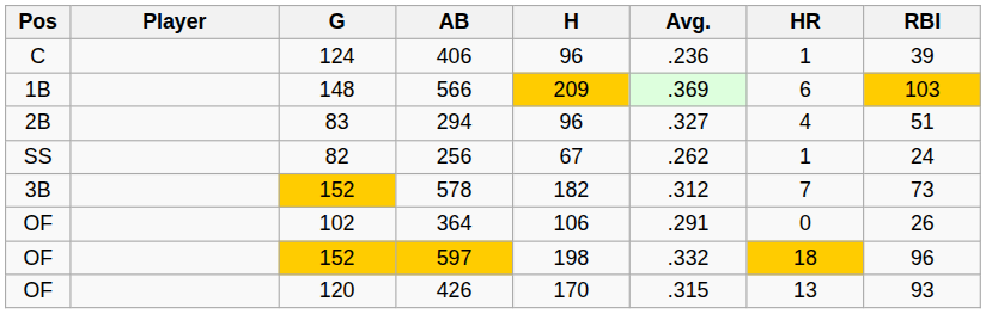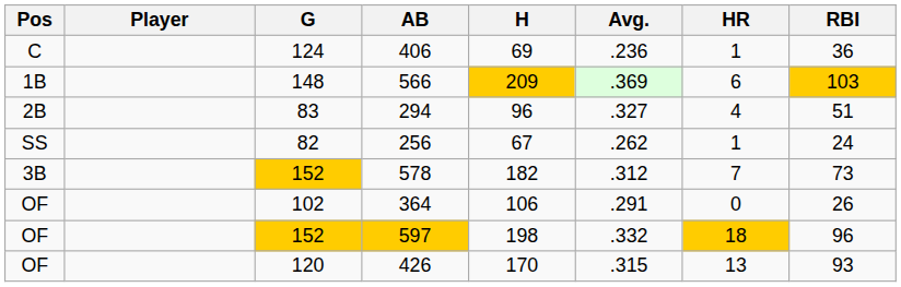 <table class="wikitable sortable">
 <tr>
 <th bgcolor="#DDDDFF" width="5%">Pos</th>
 <th bgcolor="#DDDDFF" width="16%">Player</th>
 <th bgcolor="#DDDDFF" width="9%">G</th>
 <th bgcolor="#DDDDFF" width="9%">AB</th>
 <th bgcolor="#DDDDFF" width="9%">H</th>
 <th bgcolor="#DDDDFF" width="9%">Avg.</th>
 <th bgcolor="#DDDDFF" width="9%">HR</th>
 <th bgcolor="#DDDDFF" width="9%">RBI</th>
 </tr>
 <tr align="center">
 <td>C</td>
 <td></td>
 <td>124</td>
 <td>406</td>
-<td>96</td>
+<td>69</td>
 <td>.236</td>
 <td>1</td>
-<td>39</td>
+<td>36</td>
 </tr>
 <tr align="center">
 <td>1B</td>
 <td></td>
 <td>148</td>
 <td>566</td>
 <td style="background:#fc0;">209</td>
 <td style="background:#DDFFDD;">.369</td>
 <td>6</td>
 <td style="background:#fc0;">103</td>
 </tr>
 <tr align="center">
 <td>2B</td>
 <td></td>
 <td>83</td>
 <td>294</td>
 <td>96</td>
 <td>.327</td>
 <td>4</td>
 <td>51</td>
 </tr>
 <tr align="center">
 <td>SS</td>
 <td></td>
 <td>82</td>
 <td>256</td>
 <td>67</td>
 <td>.262</td>
 <td>1</td>
 <td>24</td>
 </tr>
 <tr align="center">
 <td>3B</td>
 <td></td>
 <td style="background:#fc0;">152</td>
 <td>578</td>
 <td>182</td>
 <td>.312</td>
 <td>7</td>
 <td>73</td>
 </tr>
 <tr align="center">
 <td>OF</td>
 <td></td>
 <td>102</td>
 <td>364</td>
 <td>106</td>
 <td>.291</td>
 <td>0</td>
 <td>26</td>
 </tr>
 <tr align="center">
 <td>OF</td>
 <td></td>
 <td style="background:#fc0;">152</td>
 <td style="background:#fc0;">597</td>
 <td>198</td>
 <td>.332</td>
 <td style="background:#fc0;">18</td>
 <td>96</td>
 </tr>
 <tr align="center">
 <td>OF</td>
 <td></td>
 <td>120</td>
 <td>426</td>
 <td>170</td>
 <td>.315</td>
 <td>13</td>
 <td>93</td>
 </tr>
 </table>
